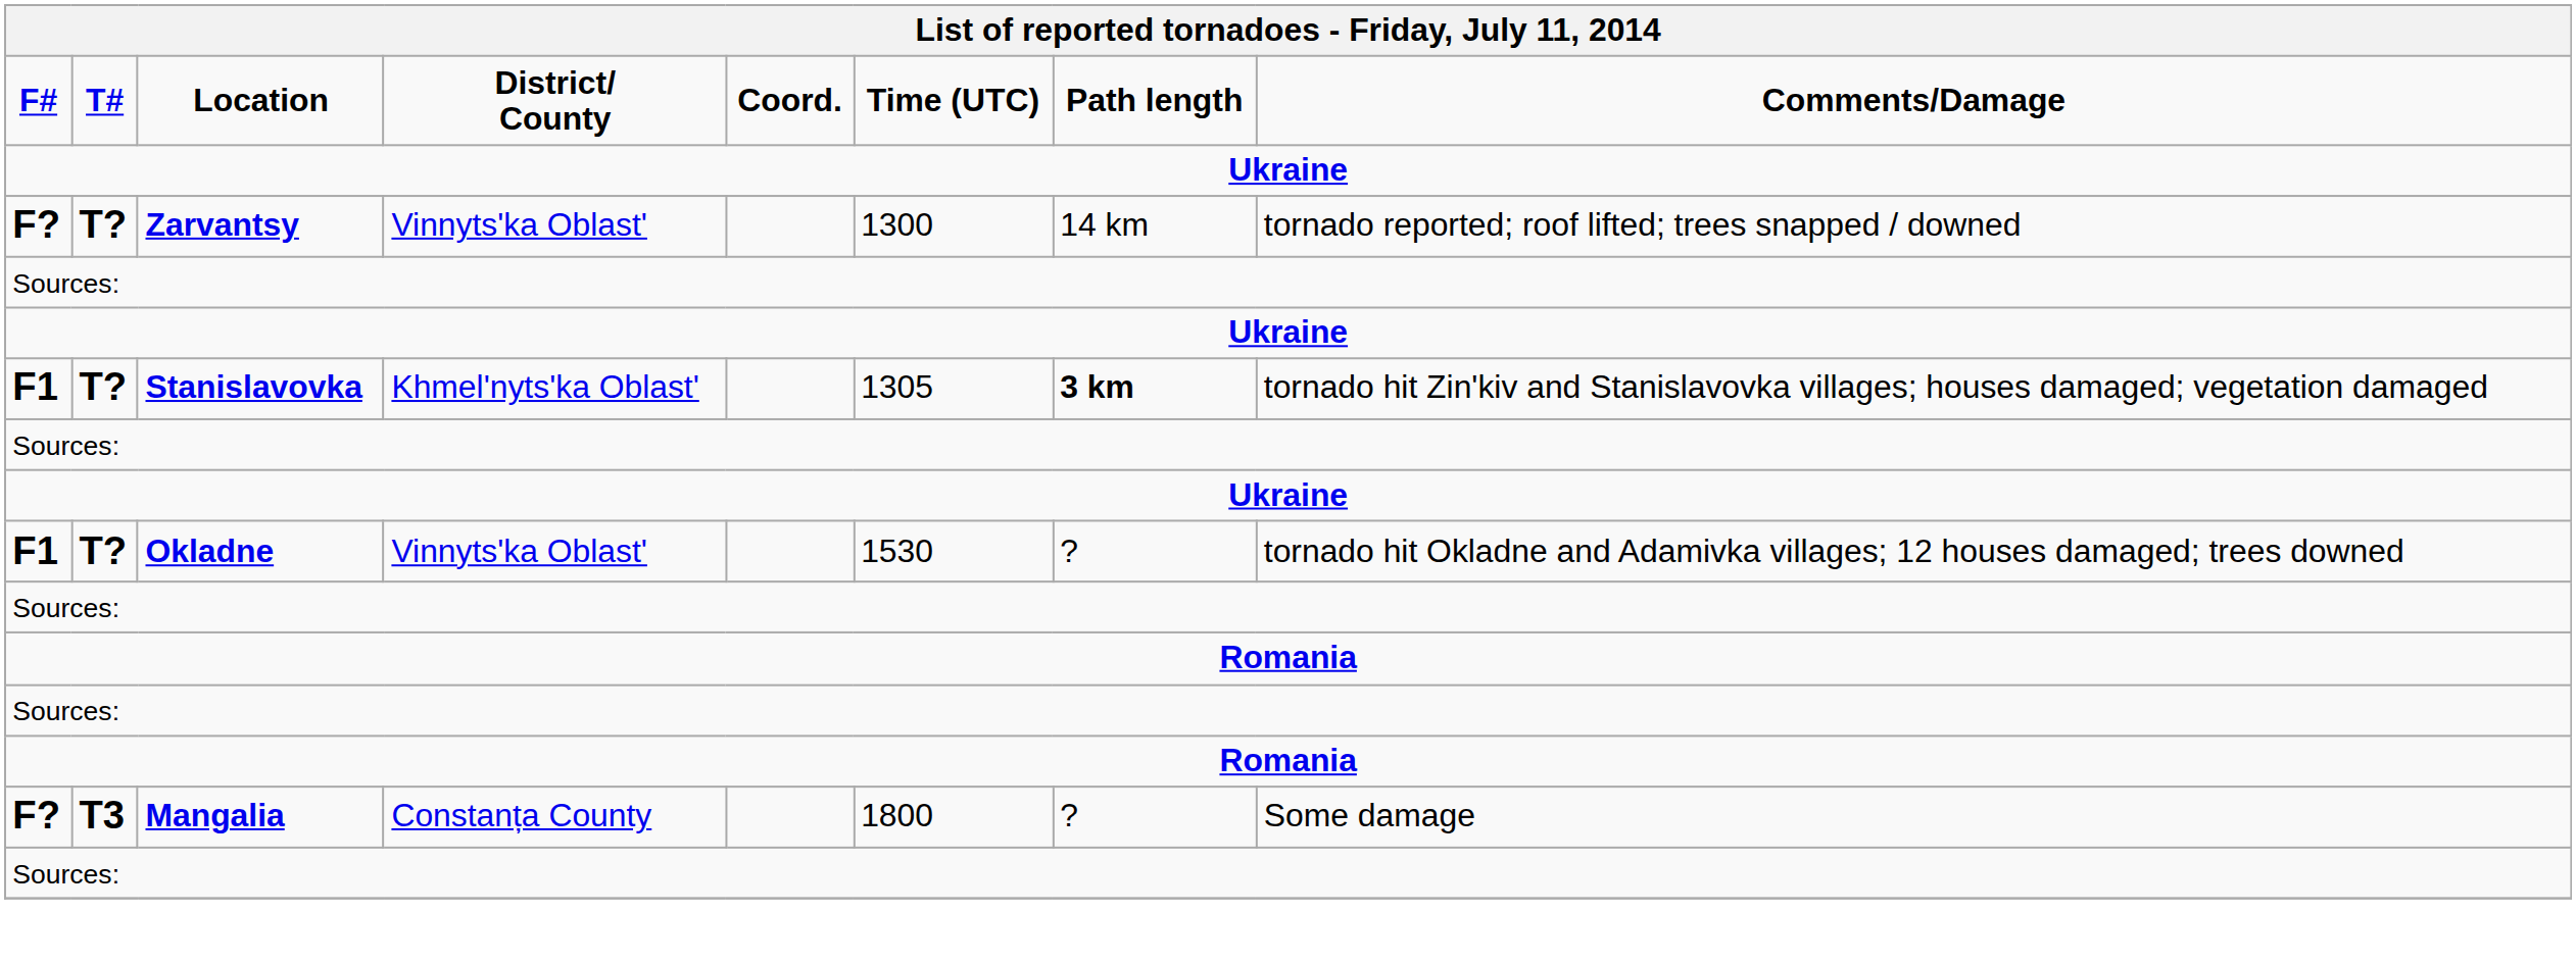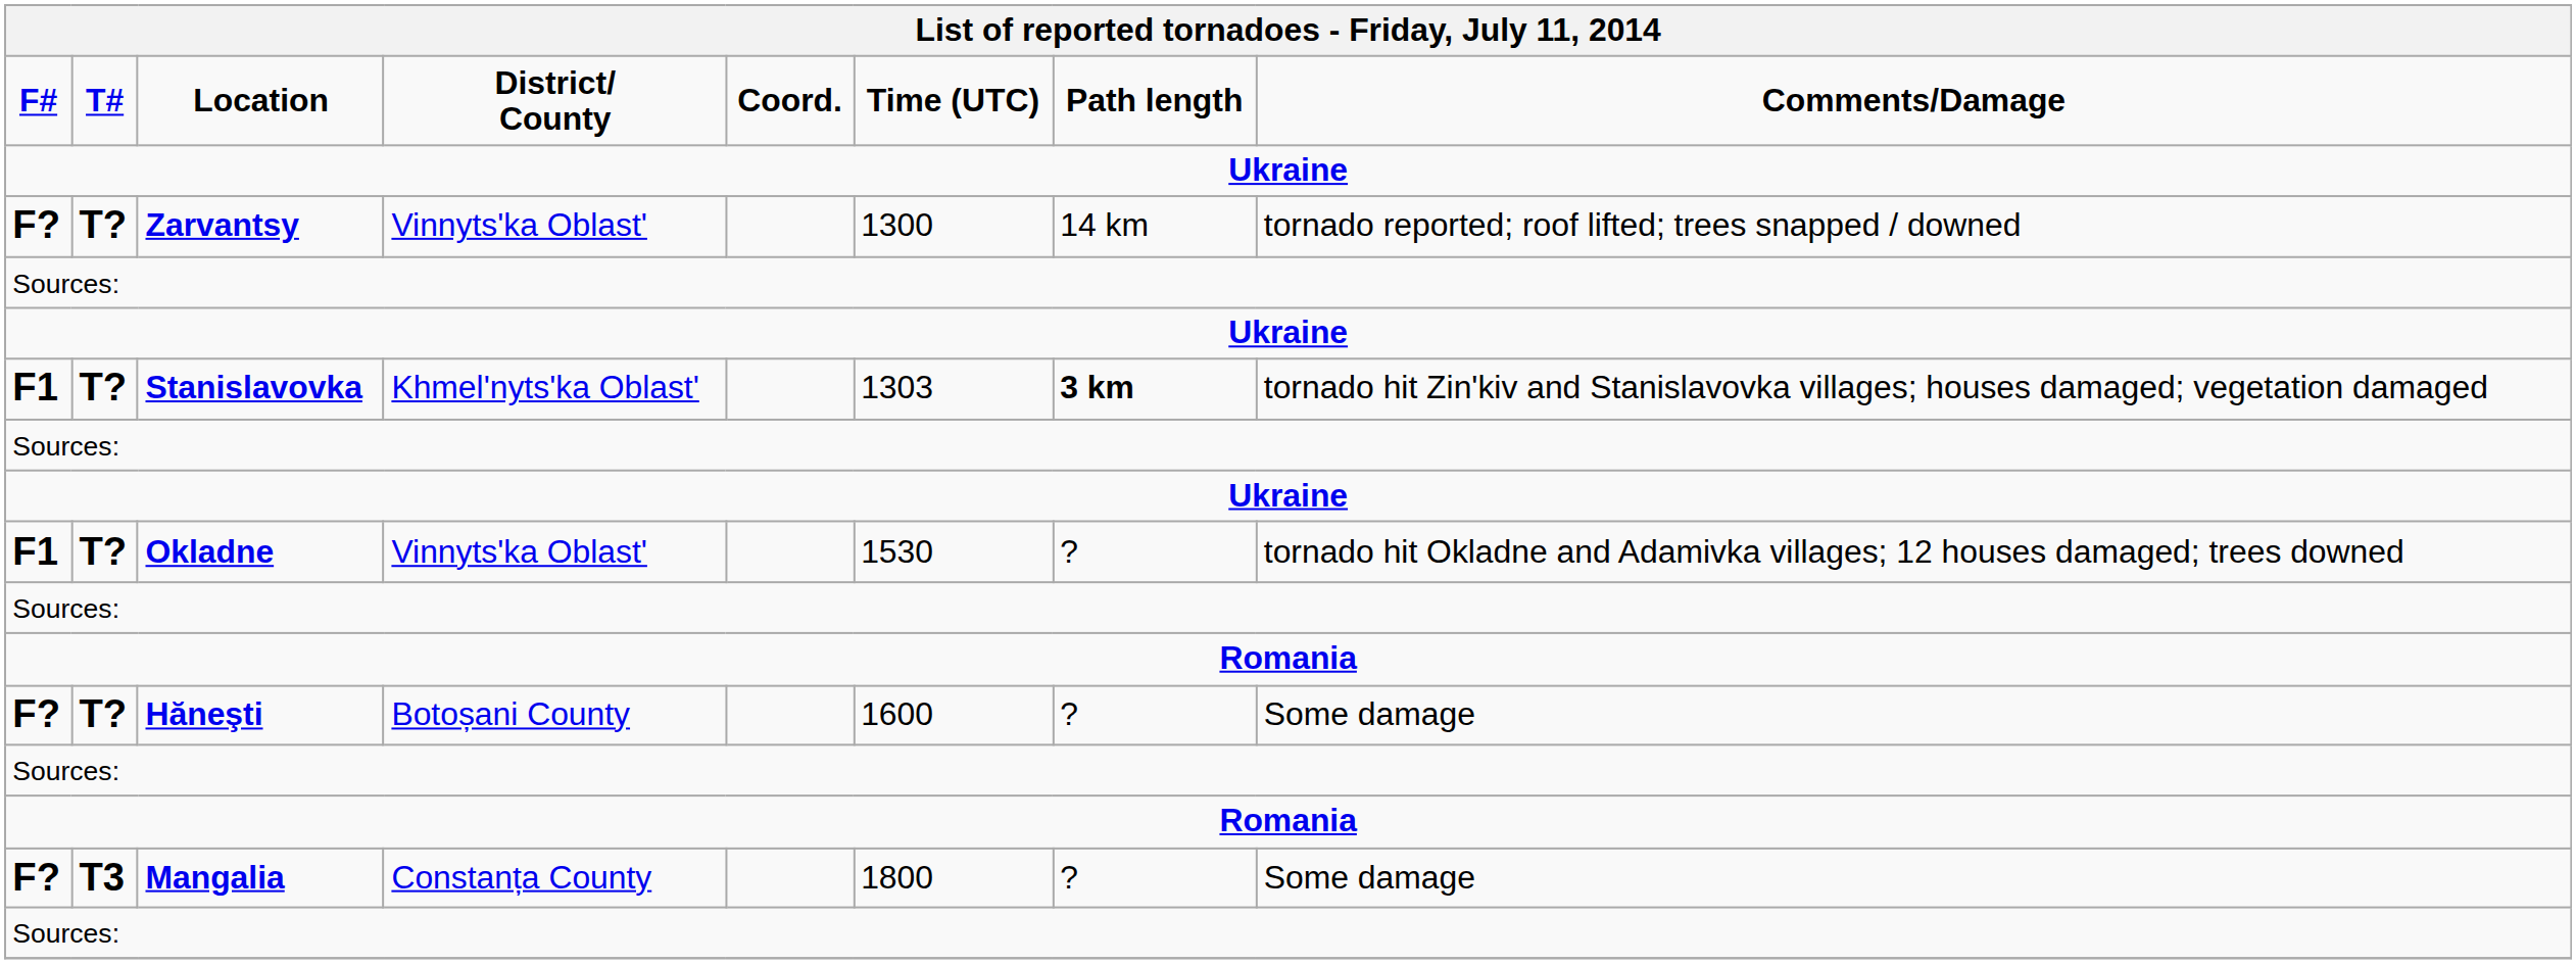 <table class="wikitable collapsible" width="100%">
 <tr>
 <th colspan="8">List of reported tornadoes - Friday, July 11, 2014</th>
 </tr>
 <tr>
 <td style="text-align: center;"><strong><a href='#'>F#</a></strong></td>
 <td style="text-align: center;"><strong><a href='#'>T#</a></strong></td>
 <td style="text-align: center;"><strong>Location</strong></td>
 <td style="text-align: center;"><strong>District/<br>County</strong></td>
 <td style="text-align: center;"><strong>Coord.</strong></td>
 <td style="text-align: center;"><strong>Time (UTC)</strong></td>
 <td style="text-align: center;"><strong>Path length</strong></td>
 <td style="text-align: center;"><strong>Comments/Damage</strong></td>
 </tr>
 <tr>
 <td colspan="8" align=center><strong><a href='#'>Ukraine</a></strong></td>
 </tr>
 <tr>
 <td><big><strong>F?</strong></big></td>
 <td><big><strong>T?</strong></big></td>
 <td><strong><a href='#'>Zarvantsy</a></strong></td>
 <td><a href='#'>Vinnyts'ka Oblast'</a></td>
 <td></td>
 <td>1300</td>
 <td>14 km</td>
 <td>tornado reported; roof lifted; trees snapped / downed</td>
 </tr>
 <tr>
 <td colspan="8"><small>Sources:</small></td>
 </tr>
 <tr>
 <td colspan="8" align=center><strong><a href='#'>Ukraine</a></strong></td>
 </tr>
 <tr>
 <td><big><strong>F1</strong></big></td>
 <td><big><strong>T?</strong></big></td>
 <td><strong><a href='#'>Stanislavovka</a></strong></td>
 <td><a href='#'>Khmel'nyts'ka Oblast'</a></td>
 <td></td>
-<td>1305</td>
+<td>1303</td>
 <td><strong>3 km</strong></td>
 <td>tornado hit Zin'kiv and Stanislavovka villages; houses damaged; vegetation damaged</td>
 </tr>
 <tr>
 <td colspan="8"><small>Sources:</small></td>
 </tr>
 <tr>
 <td colspan="8" align=center><strong><a href='#'>Ukraine</a></strong></td>
 </tr>
 <tr>
 <td><big><strong>F1</strong></big></td>
 <td><big><strong>T?</strong></big></td>
 <td><strong><a href='#'>Okladne</a></strong></td>
 <td><a href='#'>Vinnyts'ka Oblast'</a></td>
 <td></td>
 <td>1530</td>
 <td>?</td>
 <td>tornado hit Okladne and Adamivka villages; 12 houses damaged; trees downed</td>
 </tr>
 <tr>
 <td colspan="8"><small>Sources:</small></td>
 </tr>
 <tr>
 <td colspan="8" align=center><strong><a href='#'>Romania</a></strong></td>
 </tr>
 <tr>
+<td><big><strong>F?</strong></big></td>
+<td><big><strong>T?</strong></big></td>
+<td><strong><a href='#'>Hăneşti</a></strong></td>
+<td><a href='#'>Botoșani County</a></td>
+<td></td>
+<td>1600</td>
+<td>?</td>
+<td>Some damage</td>
+</tr>
+<tr>
 <td colspan="8"><small>Sources:</small></td>
 </tr>
 <tr>
 <td colspan="8" align=center><strong><a href='#'>Romania</a></strong></td>
 </tr>
 <tr>
 <td><big><strong>F?</strong></big></td>
 <td><big><strong>T3</strong></big></td>
 <td><strong><a href='#'>Mangalia</a></strong></td>
 <td><a href='#'>Constanța County</a></td>
 <td></td>
 <td>1800</td>
 <td>?</td>
 <td>Some damage</td>
 </tr>
 <tr>
 <td colspan="8"><small>Sources:</small></td>
 </tr>
 <tr>
 </tr>
 </table>
